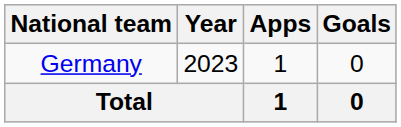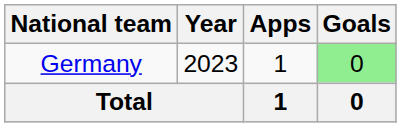 <table class="wikitable" style="text-align:center">
 <tr>
 <th>National team</th>
 <th>Year</th>
 <th>Apps</th>
 <th>Goals</th>
 </tr>
 <tr>
 <td><a href='#'>Germany</a></td>
 <td>2023</td>
 <td>1</td>
-<td>0</td>
+<td style="background: lightgreen;">0</td>
 </tr>
 <tr>
 <th colspan="2">Total</th>
 <th>1</th>
 <th>0</th>
 </tr>
 </table>
